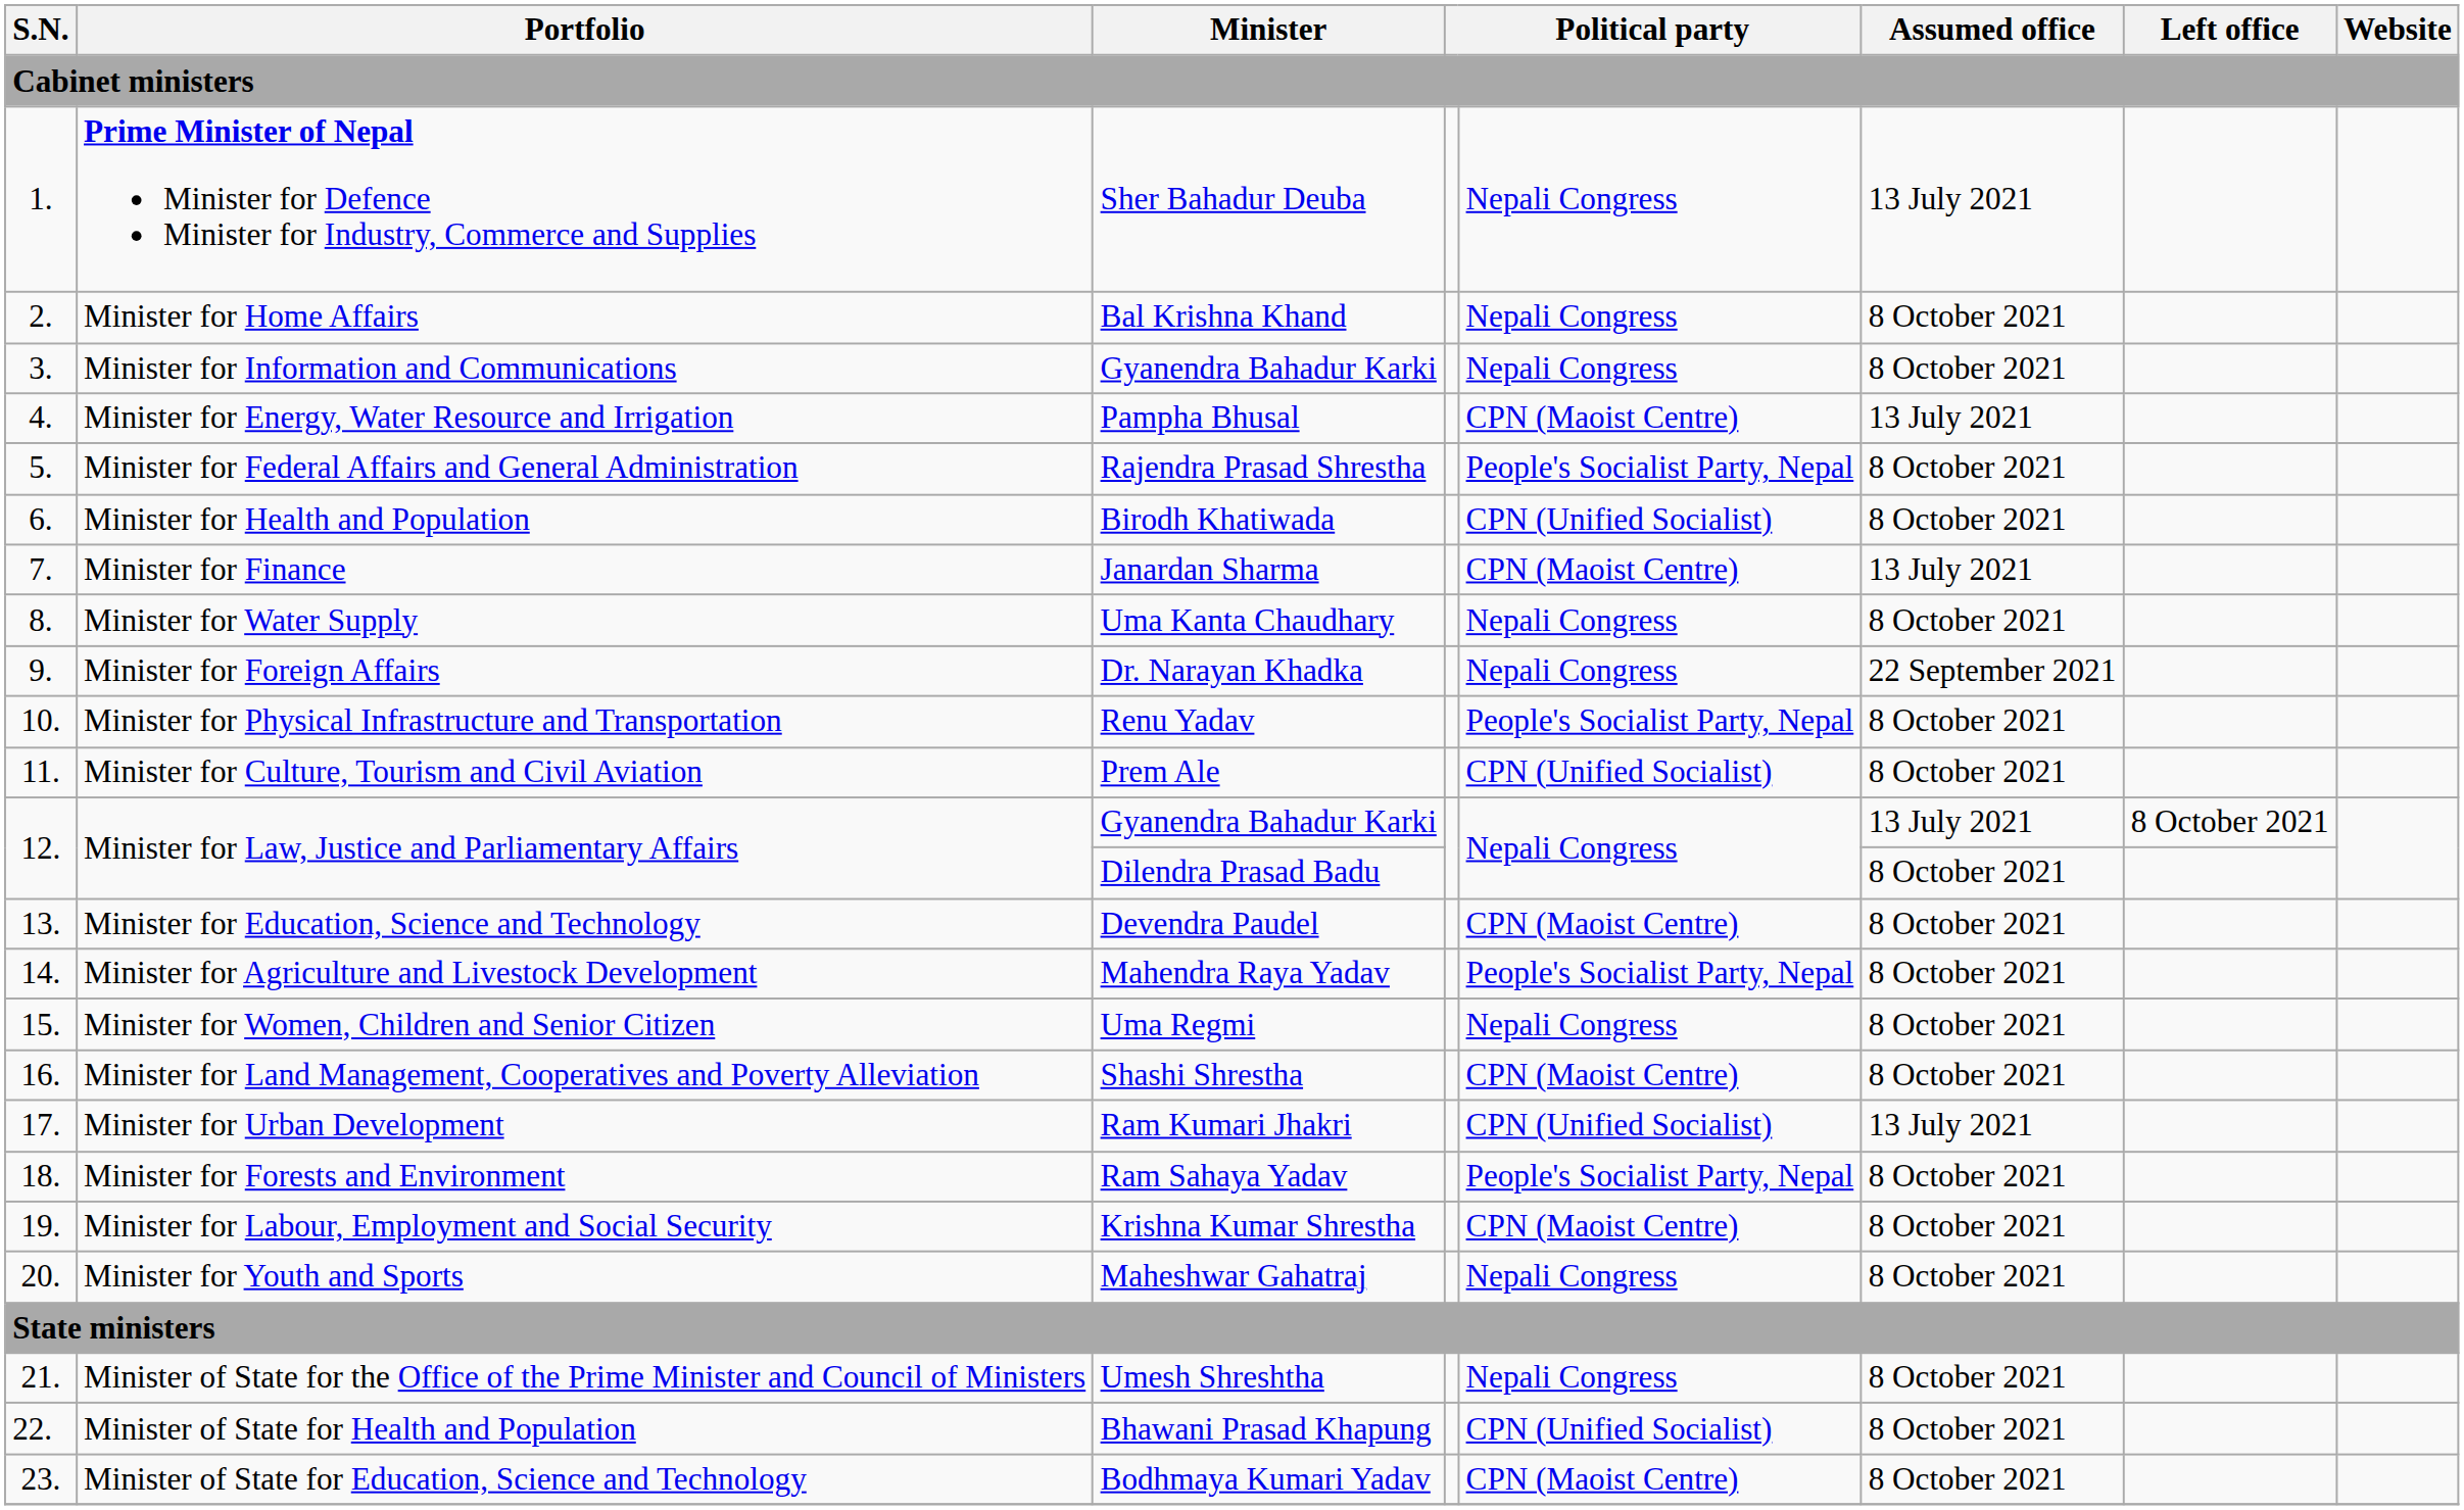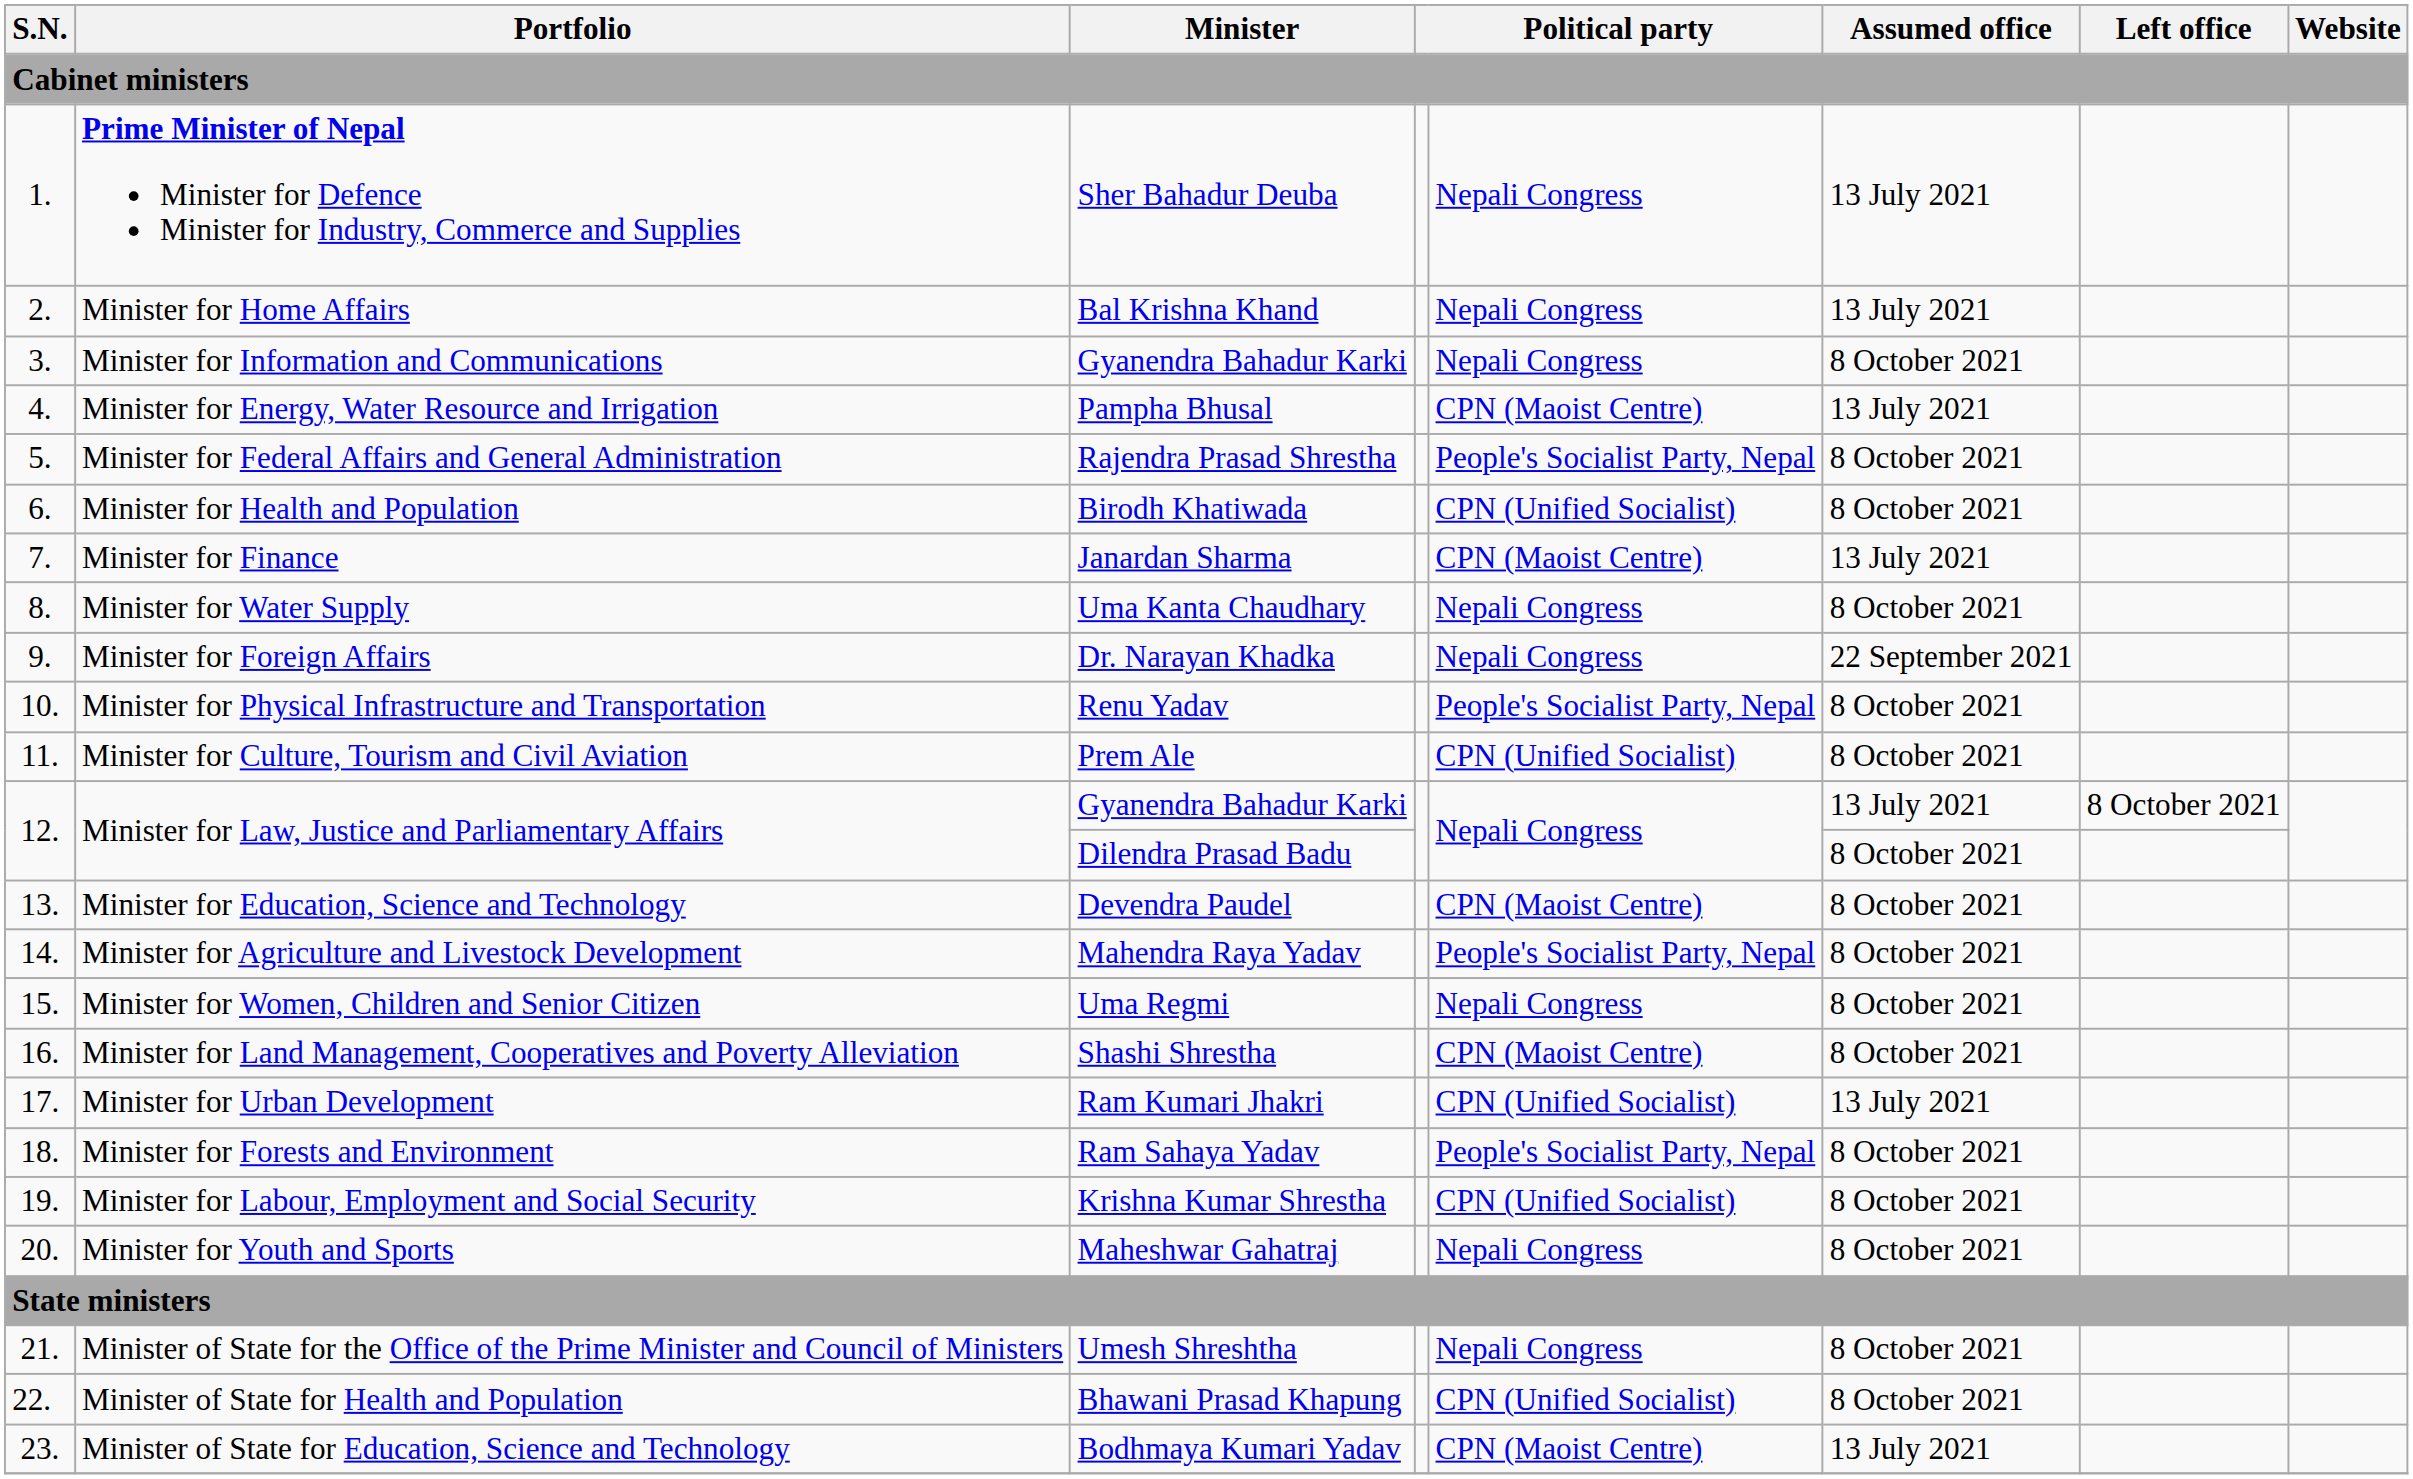 <table class="wikitable sortable">
 <tr>
 <th>S.N.</th>
 <th>Portfolio</th>
 <th>Minister</th>
 <th colspan="2">Political party</th>
 <th>Assumed office</th>
 <th>Left office</th>
 <th>Website</th>
 </tr>
 <tr>
 <td colspan="8" bgcolor="darkgrey"><strong>Cabinet ministers</strong></td>
 </tr>
 <tr>
 <td style="text-align:center;">1.</td>
 <td><strong><a href='#'>Prime Minister of Nepal</a></strong><br><ul><li>Minister for <a href='#'>Defence</a></li><li>Minister for <a href='#'>Industry, Commerce and Supplies</a></li></ul></td>
 <td><a href='#'>Sher Bahadur Deuba</a></td>
 <td></td>
 <td><a href='#'>Nepali Congress</a></td>
 <td>13 July 2021</td>
 <td></td>
 <td></td>
 </tr>
 <tr>
 <td style="text-align:center;">2.</td>
 <td>Minister for <a href='#'>Home Affairs</a></td>
 <td><a href='#'>Bal Krishna Khand</a></td>
 <td></td>
 <td><a href='#'>Nepali Congress</a></td>
-<td>8 October 2021</td>
+<td>13 July 2021</td>
 <td></td>
 <td></td>
 </tr>
 <tr>
 <td style="text-align:center;">3.</td>
 <td>Minister for <a href='#'>Information and Communications</a></td>
 <td><a href='#'>Gyanendra Bahadur Karki</a></td>
 <td></td>
 <td><a href='#'>Nepali Congress</a></td>
 <td>8 October 2021</td>
 <td></td>
 <td></td>
 </tr>
 <tr>
 <td style="text-align:center;">4.</td>
 <td>Minister for <a href='#'>Energy, Water Resource and Irrigation</a></td>
 <td><a href='#'>Pampha Bhusal</a></td>
 <td></td>
 <td><a href='#'>CPN (Maoist Centre)</a></td>
 <td>13 July 2021</td>
 <td></td>
 <td> </td>
 </tr>
 <tr>
 <td style="text-align:center;">5.</td>
 <td>Minister for <a href='#'>Federal Affairs and General Administration</a></td>
 <td><a href='#'>Rajendra Prasad Shrestha</a></td>
 <td></td>
 <td><a href='#'>People's Socialist Party, Nepal</a></td>
 <td>8 October 2021</td>
 <td></td>
 <td></td>
 </tr>
 <tr>
 <td style="text-align:center;">6.</td>
 <td>Minister for <a href='#'>Health and Population</a></td>
 <td><a href='#'>Birodh Khatiwada</a></td>
 <td></td>
 <td><a href='#'>CPN (Unified Socialist)</a></td>
 <td>8 October 2021</td>
 <td></td>
 <td> </td>
 </tr>
 <tr>
 <td style="text-align:center;">7.</td>
 <td>Minister for <a href='#'>Finance</a></td>
 <td><a href='#'>Janardan Sharma</a></td>
 <td></td>
 <td><a href='#'>CPN (Maoist Centre)</a></td>
 <td>13 July 2021</td>
 <td></td>
 <td></td>
 </tr>
 <tr>
 <td style="text-align:center;">8.</td>
 <td>Minister for <a href='#'>Water Supply</a></td>
 <td><a href='#'>Uma Kanta Chaudhary</a></td>
 <td></td>
 <td><a href='#'>Nepali Congress</a></td>
 <td>8 October 2021</td>
 <td></td>
 <td></td>
 </tr>
 <tr>
 <td style="text-align:center;">9.</td>
 <td>Minister for <a href='#'>Foreign Affairs</a></td>
 <td><a href='#'>Dr. Narayan Khadka</a></td>
 <td></td>
 <td><a href='#'>Nepali Congress</a></td>
 <td>22 September 2021</td>
 <td></td>
 <td></td>
 </tr>
 <tr>
 <td style="text-align:center;">10.</td>
 <td>Minister for <a href='#'>Physical Infrastructure and Transportation</a></td>
 <td><a href='#'>Renu Yadav</a></td>
 <td></td>
 <td><a href='#'>People's Socialist Party, Nepal</a></td>
 <td>8 October 2021</td>
 <td></td>
 <td></td>
 </tr>
 <tr>
 <td style="text-align:center;">11.</td>
 <td>Minister for <a href='#'>Culture, Tourism and Civil Aviation</a></td>
 <td><a href='#'>Prem Ale</a></td>
 <td></td>
 <td><a href='#'>CPN (Unified Socialist)</a></td>
 <td>8 October 2021</td>
 <td></td>
 <td></td>
 </tr>
 <tr>
 <td rowspan="2" style="text-align:center;">12.</td>
 <td rowspan="2">Minister for <a href='#'>Law, Justice and Parliamentary Affairs</a></td>
 <td><a href='#'>Gyanendra Bahadur Karki</a></td>
 <td rowspan="2"></td>
 <td rowspan="2"><a href='#'>Nepali Congress</a></td>
 <td>13 July 2021</td>
 <td>8 October 2021</td>
 <td rowspan="2"></td>
 </tr>
 <tr>
 <td><a href='#'>Dilendra Prasad Badu</a></td>
 <td>8 October 2021</td>
 <td></td>
 </tr>
 <tr>
 <td style="text-align:center;">13.</td>
 <td>Minister for <a href='#'>Education, Science and Technology</a></td>
 <td><a href='#'>Devendra Paudel</a></td>
 <td></td>
 <td><a href='#'>CPN (Maoist Centre)</a></td>
 <td>8 October 2021</td>
 <td></td>
 <td> </td>
 </tr>
 <tr>
 <td style="text-align:center;">14.</td>
 <td>Minister for <a href='#'>Agriculture and Livestock Development</a></td>
 <td><a href='#'>Mahendra Raya Yadav</a></td>
 <td></td>
 <td><a href='#'>People's Socialist Party, Nepal</a></td>
 <td>8 October 2021</td>
 <td></td>
 <td></td>
 </tr>
 <tr>
 <td style="text-align:center;">15.</td>
 <td>Minister for <a href='#'>Women, Children and Senior Citizen</a></td>
 <td><a href='#'>Uma Regmi</a></td>
 <td></td>
 <td><a href='#'>Nepali Congress</a></td>
 <td>8 October 2021</td>
 <td></td>
 <td></td>
 </tr>
 <tr>
 <td style="text-align:center;">16.</td>
 <td>Minister for <a href='#'>Land Management, Cooperatives and Poverty Alleviation</a></td>
 <td><a href='#'>Shashi Shrestha</a></td>
 <td></td>
 <td><a href='#'>CPN (Maoist Centre)</a></td>
 <td>8 October 2021</td>
 <td></td>
 <td></td>
 </tr>
 <tr>
 <td style="text-align:center;">17.</td>
 <td>Minister for <a href='#'>Urban Development</a></td>
 <td><a href='#'>Ram Kumari Jhakri</a></td>
 <td></td>
 <td><a href='#'>CPN (Unified Socialist)</a></td>
 <td>13 July 2021</td>
 <td></td>
 <td></td>
 </tr>
 <tr>
 <td style="text-align:center;">18.</td>
 <td>Minister for <a href='#'>Forests and Environment</a></td>
 <td><a href='#'>Ram Sahaya Yadav</a></td>
 <td></td>
 <td><a href='#'>People's Socialist Party, Nepal</a></td>
 <td>8 October 2021</td>
 <td></td>
 <td></td>
 </tr>
 <tr>
 <td style="text-align:center;">19.</td>
 <td>Minister for <a href='#'>Labour, Employment and Social Security</a></td>
 <td><a href='#'>Krishna Kumar Shrestha</a></td>
 <td></td>
-<td><a href='#'>CPN (Maoist Centre)</a></td>
+<td><a href='#'>CPN (Unified Socialist)</a></td>
 <td>8 October 2021</td>
 <td></td>
 <td> </td>
 </tr>
 <tr>
 <td style="text-align:center;">20.</td>
 <td>Minister for <a href='#'>Youth and Sports</a></td>
 <td><a href='#'>Maheshwar Gahatraj</a></td>
 <td></td>
 <td><a href='#'>Nepali Congress</a></td>
 <td>8 October 2021</td>
 <td></td>
 <td></td>
 </tr>
 <tr>
 <td colspan="8" bgcolor="darkgrey"><strong>State ministers</strong></td>
 </tr>
 <tr>
 <td style="text-align:center;">21.</td>
 <td>Minister of State for the <a href='#'>Office of the Prime Minister and Council of Ministers</a></td>
 <td><a href='#'>Umesh Shreshtha</a></td>
 <td></td>
 <td><a href='#'>Nepali Congress</a></td>
 <td>8 October 2021</td>
 <td></td>
 <td></td>
 </tr>
 <tr>
 <td>22.</td>
 <td>Minister of State for <a href='#'>Health and Population</a></td>
 <td><a href='#'>Bhawani Prasad Khapung</a></td>
 <td></td>
 <td><a href='#'>CPN (Unified Socialist)</a></td>
 <td>8 October 2021</td>
 <td></td>
 <td> </td>
 </tr>
 <tr>
 <td style="text-align:center;">23.</td>
 <td>Minister of State for <a href='#'>Education, Science and Technology</a></td>
 <td><a href='#'>Bodhmaya Kumari Yadav</a></td>
 <td></td>
 <td><a href='#'>CPN (Maoist Centre)</a></td>
-<td>8 October 2021</td>
+<td>13 July 2021</td>
 <td></td>
 <td> </td>
 </tr>
 <tr>
 </tr>
 </table>
